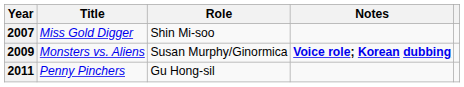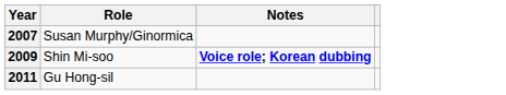 <table class="wikitable plainrowheaders sortable">
 <tr>
 <th scope="col">Year</th>
-<th scope="col">Title</th>
 <th scope="col">Role</th>
 <th scope="col" class="unsortable">Notes</th>
 <th scope="col" class="unsortable"></th>
 </tr>
 <tr>
 <th scope="row">2007</th>
-<td><em><a href='#'>Miss Gold Digger</a></em></td>
-<td>Shin Mi-soo</td>
+<td>Susan Murphy/Ginormica</td>
 <td></td>
 <td></td>
 </tr>
 <tr>
 <th scope="row">2009</th>
-<td><em><a href='#'>Monsters vs. Aliens</a></em></td>
-<td>Susan Murphy/Ginormica</td>
+<td>Shin Mi-soo</td>
 <td><strong><a href='#'>Voice role</a>; <a href='#'>Korean</a> <a href='#'>dubbing</a></strong></td>
 <td style="text-align:center"></td>
 </tr>
 <tr>
 <th scope="row">2011</th>
-<td><em><a href='#'>Penny Pinchers</a></em></td>
 <td>Gu Hong-sil</td>
 <td></td>
 <td></td>
 </tr>
 </table>
